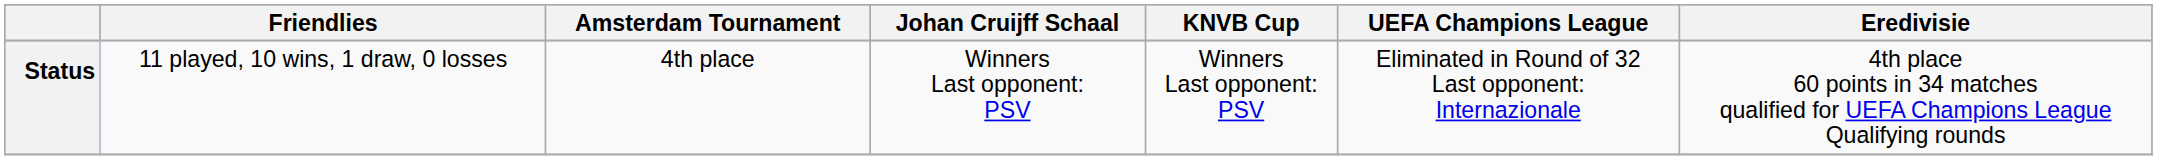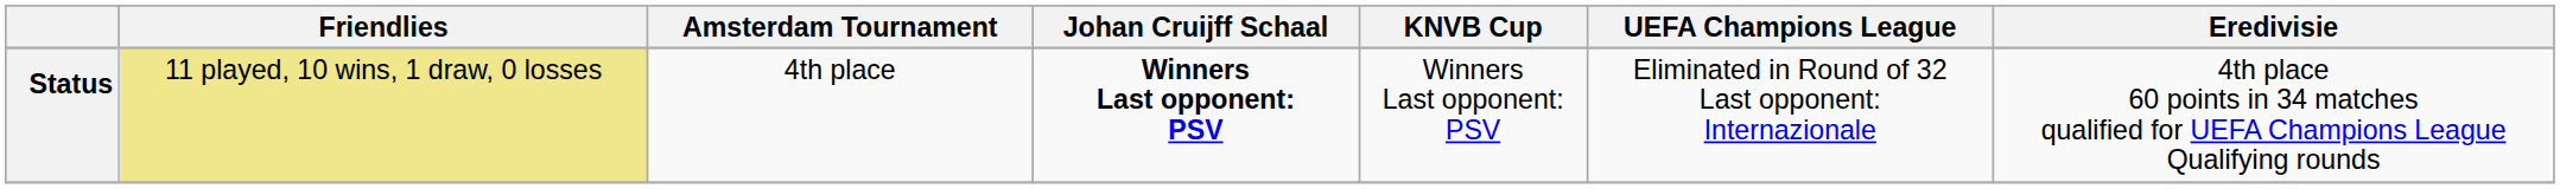 <table class="wikitable" style="width:100%; font-size:85%;">
 <tr>
 <th></th>
 <th style="border-bottom:1px solid #B5B7CF;">Friendlies</th>
 <th style="border-bottom:1px solid #B5B7CF;">Amsterdam Tournament</th>
 <th style="border-bottom:1px solid #B5B7CF;">Johan Cruijff Schaal</th>
 <th style="border-bottom:1px solid #B5B7CF;">KNVB Cup</th>
 <th style="border-bottom:1px solid #B5B7CF;">UEFA Champions League</th>
 <th style="border-bottom:1px solid #B5B7CF;">Eredivisie</th>
 </tr>
 <tr>
 </tr>
 <tr style="font-size:100%;" valign="top">
 <th style="border-right:1px solid #B5B7CF;text-align:right;padding-top:10px;">Status</th>
-<td align=center>11 played, 10 wins, 1 draw, 0 losses</td>
+<td align=center style="background: khaki;">11 played, 10 wins, 1 draw, 0 losses</td>
 <td align=center>4th place</td>
-<td align=center>Winners<br>Last opponent: <br><a href='#'>PSV</a></td>
+<td align=center><strong>Winners<br>Last opponent: <br><a href='#'>PSV</a></strong></td>
 <td align=center>Winners<br>Last opponent:<br> <a href='#'>PSV</a></td>
 <td align=center>Eliminated in Round of 32<br>Last opponent:<br><a href='#'>Internazionale</a></td>
 <td align=center>4th place<br>60 points in 34 matches<br>qualified for <a href='#'>UEFA Champions League</a><br> Qualifying rounds</td>
 </tr>
 <tr>
 </tr>
 </table>
